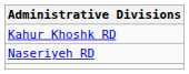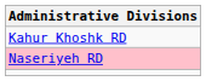 <table class="wikitable">
 <tr>
 <th>Administrative Divisions</th>
 </tr>
 <tr>
 <td><a href='#'>Kahur Khoshk RD</a></td>
 </tr>
 <tr>
-<td><a href='#'>Naseriyeh RD</a></td>
+<td style="background: pink;"><a href='#'>Naseriyeh RD</a></td>
 </tr>
 <tr>
 <td colspan=1></td>
 </tr>
 </table>
